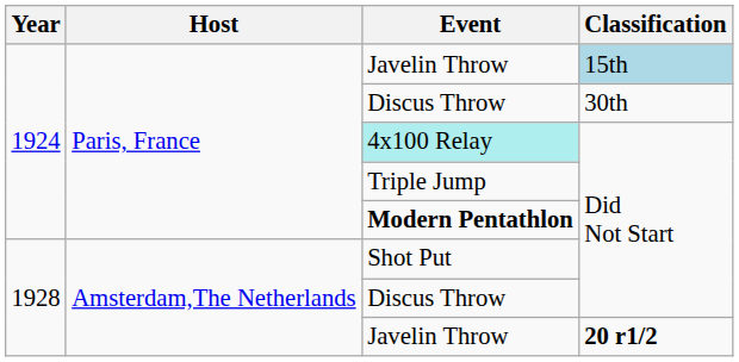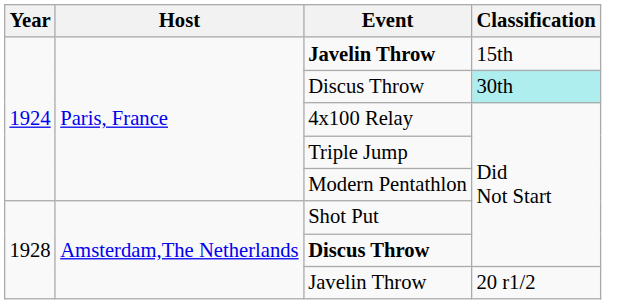 <table class="wikitable">
 <tr>
 <th>Year</th>
 <th>Host</th>
 <th>Event</th>
 <th>Classification</th>
 </tr>
 <tr>
 <td rowspan="5"><a href='#'>1924</a></td>
 <td rowspan="5"><a href='#'>Paris, France</a></td>
-<td>Javelin Throw</td>
-<td style="background: lightblue;">15th</td>
+<td><strong>Javelin Throw</strong></td>
+<td>15th</td>
 </tr>
 <tr>
 <td>Discus Throw</td>
-<td>30th</td>
+<td style="background: paleturquoise;">30th</td>
 </tr>
 <tr>
-<td style="background: paleturquoise;">4x100 Relay</td>
+<td>4x100 Relay</td>
 <td rowspan="5">Did<br>Not Start</td>
 </tr>
 <tr>
 <td>Triple Jump</td>
 </tr>
 <tr>
-<td><strong>Modern Pentathlon</strong></td>
+<td>Modern Pentathlon</td>
 </tr>
 <tr>
 <td rowspan="3">1928</td>
 <td rowspan="3"><a href='#'>Amsterdam,The Netherlands</a></td>
 <td>Shot Put</td>
 </tr>
 <tr>
-<td>Discus Throw</td>
+<td><strong>Discus Throw</strong></td>
 </tr>
 <tr>
 <td>Javelin Throw</td>
-<td><strong>20 r1/2</strong></td>
+<td>20 r1/2</td>
 </tr>
 </table>
